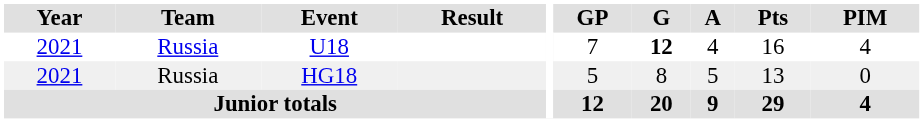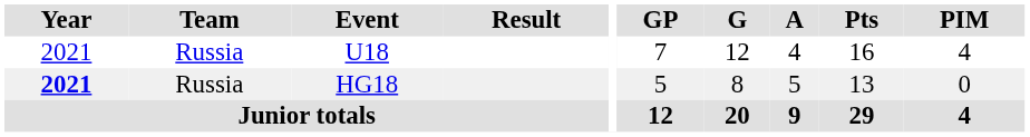 <table border="0" cellpadding="1" cellspacing="0" ID="Table3" style="text-align:center; width:40em;">
 <tr bgcolor="#e0e0e0">
 <th>Year</th>
 <th>Team</th>
 <th>Event</th>
 <th>Result</th>
 <th rowspan="102" bgcolor="#ffffff"></th>
 <th>GP</th>
 <th>G</th>
 <th>A</th>
 <th>Pts</th>
 <th>PIM</th>
 </tr>
 <tr>
 <td><a href='#'>2021</a></td>
 <td><a href='#'>Russia</a></td>
 <td><a href='#'>U18</a></td>
 <td></td>
 <td>7</td>
-<td><strong>12</strong></td>
+<td>12</td>
 <td>4</td>
 <td>16</td>
 <td>4</td>
 </tr>
 <tr bgcolor="#f0f0f0">
-<td><a href='#'>2021</a></td>
+<td><strong><a href='#'>2021</a></strong></td>
 <td>Russia</td>
 <td><a href='#'>HG18</a></td>
 <td></td>
 <td>5</td>
 <td>8</td>
 <td>5</td>
 <td>13</td>
 <td>0</td>
 </tr>
 <tr bgcolor="#e0e0e0">
 <th colspan="4">Junior totals</th>
 <th>12</th>
 <th>20</th>
 <th>9</th>
 <th>29</th>
 <th>4</th>
 </tr>
 </table>
